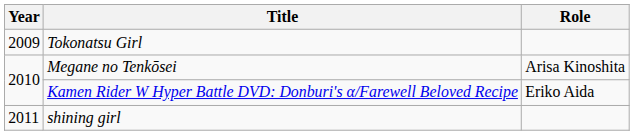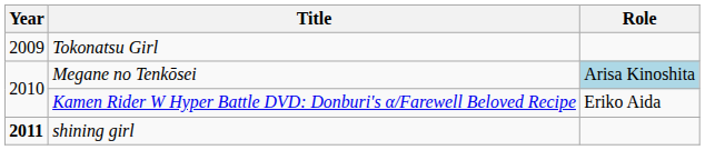 <table class="wikitable">
 <tr>
 <th>Year</th>
 <th>Title</th>
 <th>Role</th>
 </tr>
 <tr>
 <td>2009</td>
 <td><em>Tokonatsu Girl</em></td>
 <td></td>
 </tr>
 <tr>
 <td rowspan="2">2010</td>
 <td><em>Megane no Tenkōsei</em></td>
-<td>Arisa Kinoshita</td>
+<td style="background: lightblue;">Arisa Kinoshita</td>
 </tr>
 <tr>
 <td><em><a href='#'>Kamen Rider W Hyper Battle DVD: Donburi's α/Farewell Beloved Recipe</a></em></td>
 <td>Eriko Aida</td>
 </tr>
 <tr>
-<td>2011</td>
+<td><strong>2011</strong></td>
 <td><em>shining girl</em></td>
 <td></td>
 </tr>
 </table>
